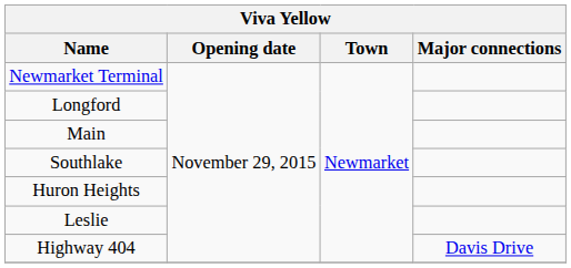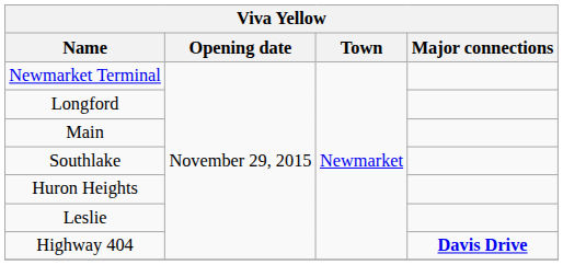 <table class="wikitable" style="text-align:center">
 <tr>
 <th colspan="5" style="background:#"><strong>Viva Yellow</strong></th>
 </tr>
 <tr>
 <th>Name</th>
 <th>Opening date</th>
 <th>Town</th>
 <th>Major connections</th>
 </tr>
 <tr>
 <td><a href='#'>Newmarket Terminal</a></td>
 <td rowspan="7">November 29, 2015</td>
 <td rowspan="7"><a href='#'>Newmarket</a></td>
 <td> </td>
 </tr>
 <tr>
 <td>Longford</td>
 <td></td>
 </tr>
 <tr>
 <td>Main</td>
 <td> </td>
 </tr>
 <tr>
 <td>Southlake</td>
 <td></td>
 </tr>
 <tr>
 <td>Huron Heights</td>
 <td></td>
 </tr>
 <tr>
 <td>Leslie</td>
 <td></td>
 </tr>
 <tr>
 <td>Highway 404</td>
-<td> <a href='#'>Davis Drive</a></td>
+<td><strong> <a href='#'>Davis Drive</a></strong></td>
 </tr>
 <tr>
 </tr>
 </table>
